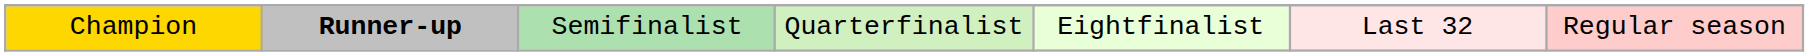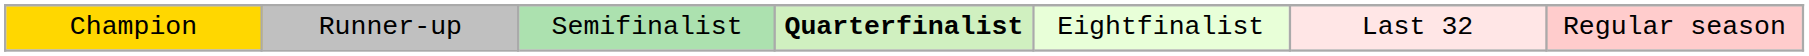 <table class="wikitable" style="font-size:90%; text-align:center;">
 <tr>
 </tr>
 <tr>
 <td style="background:gold;" width=14%>Champion</td>
-<td style="background:silver;" width=14%><strong>Runner-up</strong></td>
+<td style="background:silver;" width=14%>Runner-up</td>
 <td style="background:#ACE1AF;" width=14%>Semifinalist</td>
-<td style="background:#D0F0C0;" width=14%>Quarterfinalist</td>
+<td style="background:#D0F0C0;" width=14%><strong>Quarterfinalist</strong></td>
 <td style="background:#E8FFD8;" width=14%>Eightfinalist</td>
 <td style="background:#FFE6E6;" width=14%>Last 32</td>
 <td style="background:#fcc;" width=14%>Regular season</td>
 </tr>
 </table>
